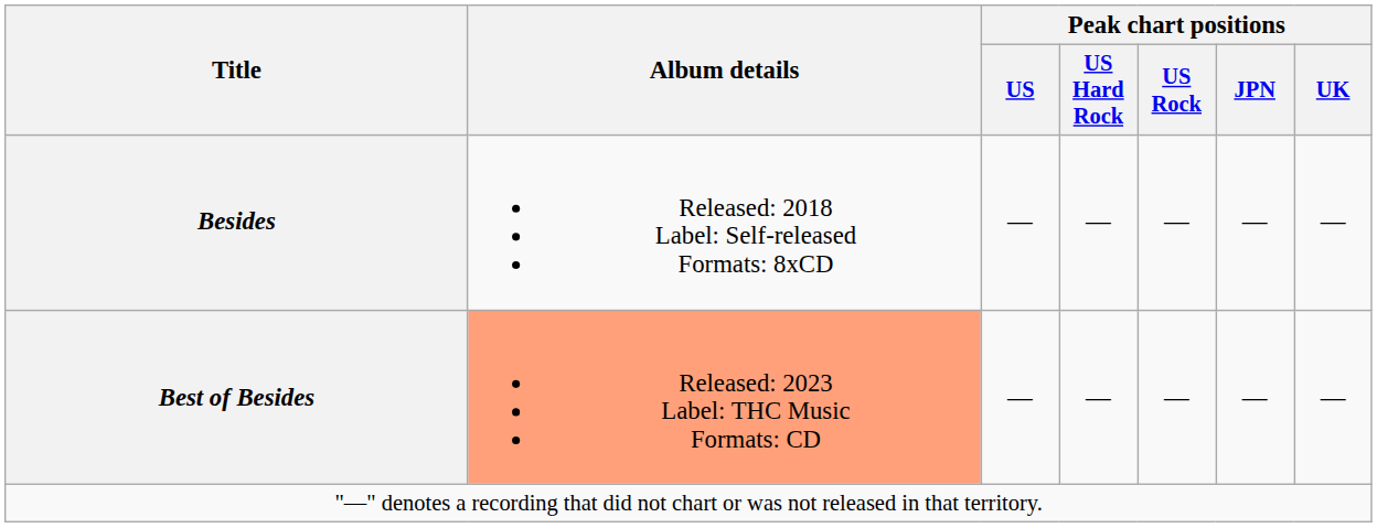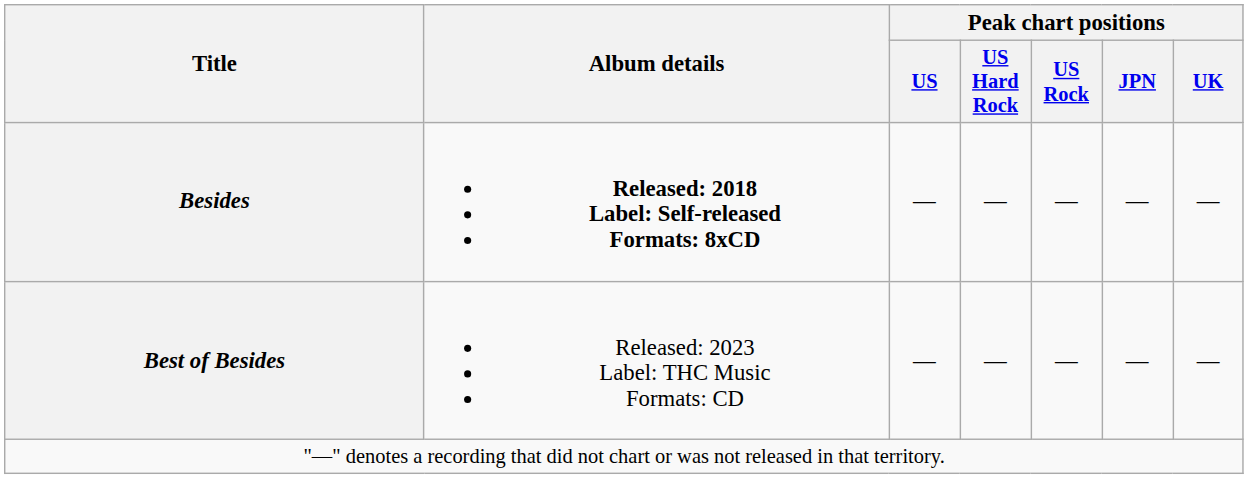 <table class="wikitable plainrowheaders" style="text-align:center;">
 <tr>
 <th scope="col" rowspan="2" style="width:18em;">Title</th>
 <th scope="col" rowspan="2" style="width:20em;">Album details</th>
 <th scope="col" colspan="5">Peak chart positions</th>
 </tr>
 <tr>
 <th scope="col" style="width:3em;font-size:90%;"><a href='#'>US</a><br></th>
 <th scope="col" style="width:3em;font-size:90%;"><a href='#'>US<br>Hard Rock</a><br></th>
 <th scope="col" style="width:3em;font-size:90%;"><a href='#'>US<br>Rock</a><br></th>
 <th scope="col" style="width:3em;font-size:90%;"><a href='#'>JPN</a><br></th>
 <th scope="col" style="width:3em;font-size:90%;"><a href='#'>UK</a><br></th>
 </tr>
 <tr>
 <th scope="row"><em>Besides</em></th>
-<td><br><ul><li>Released: 2018</li><li>Label: Self-released</li><li>Formats: 8xCD</li></ul></td>
+<td><strong><br><ul><li>Released: 2018</li><li>Label: Self-released</li><li>Formats: 8xCD</li></ul></strong></td>
 <td>—</td>
 <td>—</td>
 <td>—</td>
 <td>—</td>
 <td>—</td>
 </tr>
 <tr>
 <th scope="row"><em>Best of Besides</em></th>
-<td style="background: lightsalmon;"><br><ul><li>Released: 2023</li><li>Label: THC Music</li><li>Formats: CD</li></ul></td>
+<td><br><ul><li>Released: 2023</li><li>Label: THC Music</li><li>Formats: CD</li></ul></td>
 <td>—</td>
 <td>—</td>
 <td>—</td>
 <td>—</td>
 <td>—</td>
 </tr>
 <tr>
 <td colspan="10" style="font-size:90%">"—" denotes a recording that did not chart or was not released in that territory.</td>
 </tr>
 </table>
